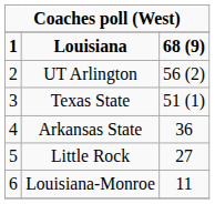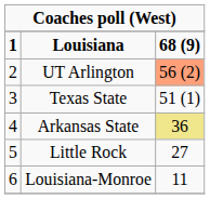 <table class="wikitable">
 <tr align="center">
 <td align="center" Colspan="3"><strong>Coaches poll (West)</strong></td>
 </tr>
 <tr align="center">
 </tr>
 <tr align="center">
 <td><strong>1</strong></td>
 <td><strong>Louisiana</strong></td>
 <td><strong>68 (9)</strong></td>
 </tr>
 <tr align="center">
 <td>2</td>
 <td>UT Arlington</td>
-<td>56 (2)</td>
+<td style="background: lightsalmon;">56 (2)</td>
 </tr>
 <tr align="center">
 <td>3</td>
 <td>Texas State</td>
 <td>51 (1)</td>
 </tr>
 <tr align="center">
 <td>4</td>
 <td>Arkansas State</td>
-<td>36</td>
+<td style="background: khaki;">36</td>
 </tr>
 <tr align="center">
 <td>5</td>
 <td>Little Rock</td>
 <td>27</td>
 </tr>
 <tr align="center">
 <td>6</td>
 <td>Louisiana-Monroe</td>
 <td>11</td>
 </tr>
 <tr align="center">
 </tr>
 </table>
